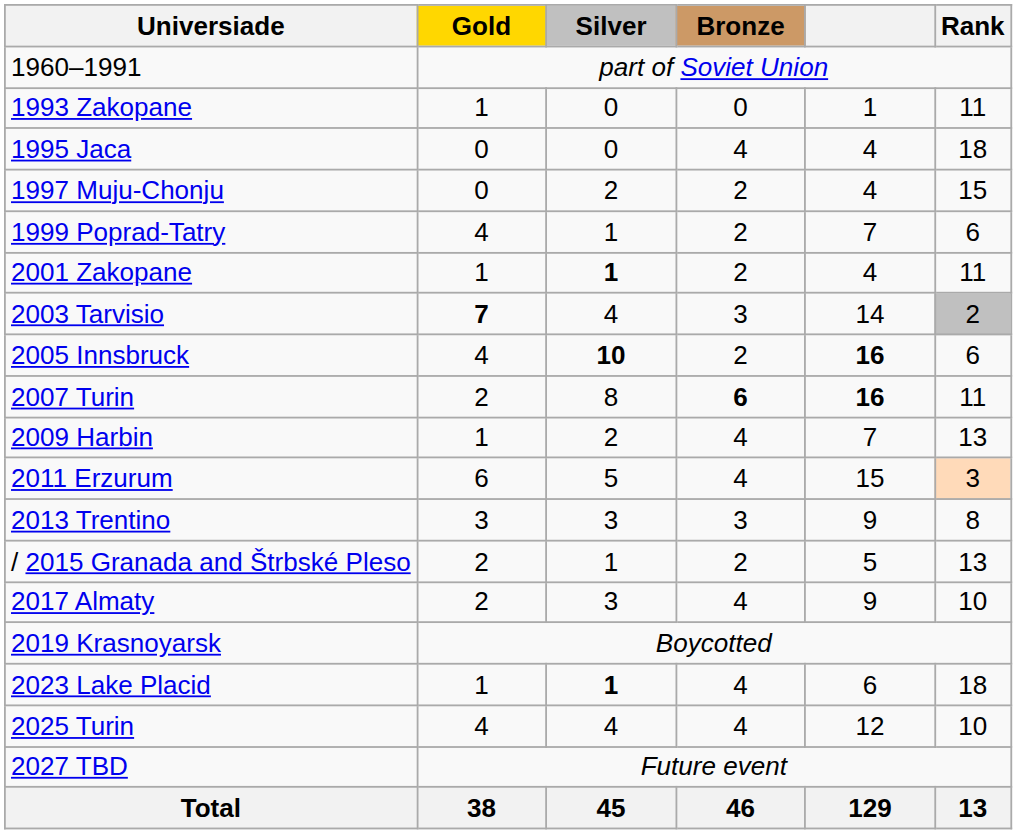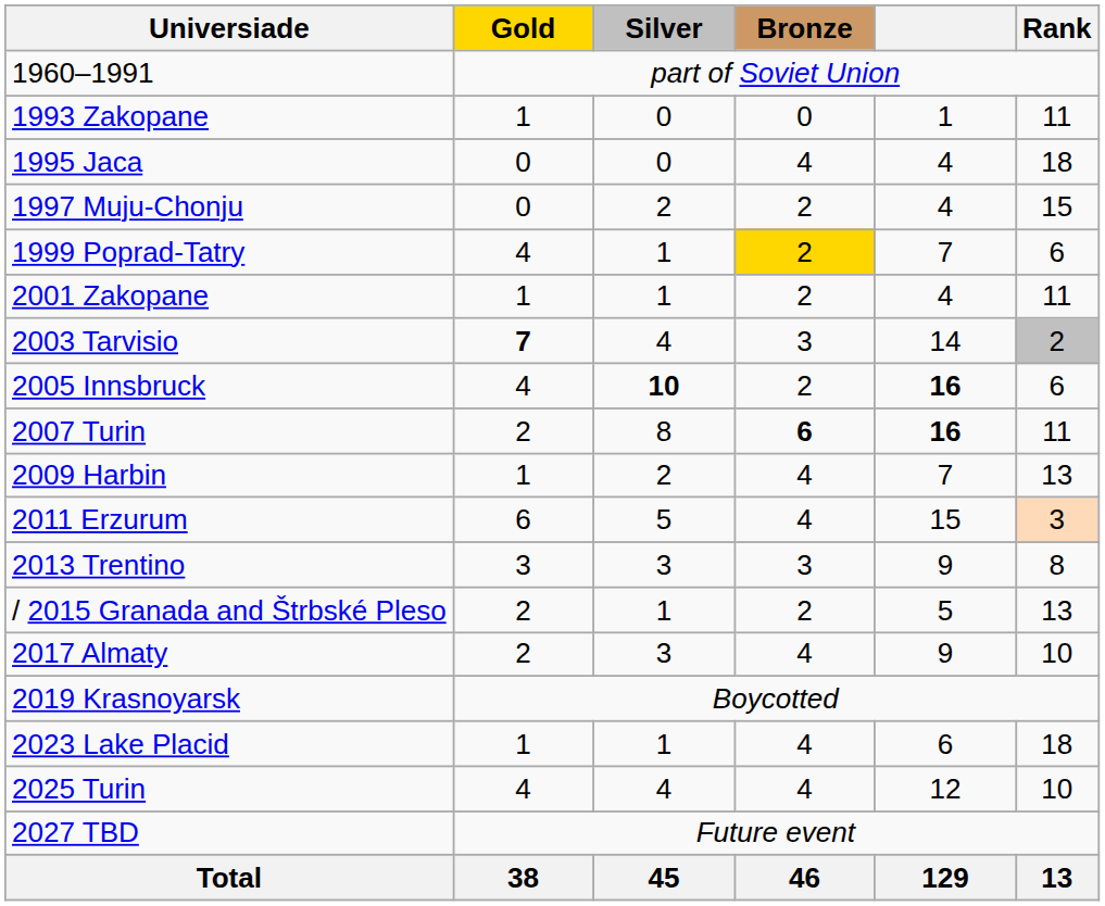 <table class="wikitable" style="text-align:center; font-size:90%;">
 <tr>
 <th>Universiade</th>
 <td style="background:gold; width:4.5em; font-weight:bold;">Gold<br></td>
 <td style="background:silver; width:4.5em; font-weight:bold;">Silver<br></td>
 <td style="background:#cc9966; width:4.5em; font-weight:bold;">Bronze<br></td>
 <th style="width:4.5em; font-weight:bold;"></th>
 <th>Rank</th>
 </tr>
 <tr>
 <td align=left>1960–1991</td>
 <td colspan=5><em>part of  <a href='#'>Soviet Union</a></em></td>
 </tr>
 <tr>
 <td align=left> <a href='#'>1993 Zakopane</a></td>
 <td>1</td>
 <td>0</td>
 <td>0</td>
 <td>1</td>
 <td>11</td>
 </tr>
 <tr>
 <td align=left> <a href='#'>1995 Jaca</a></td>
 <td>0</td>
 <td>0</td>
 <td>4</td>
 <td>4</td>
 <td>18</td>
 </tr>
 <tr>
 <td align=left> <a href='#'>1997 Muju-Chonju</a></td>
 <td>0</td>
 <td>2</td>
 <td>2</td>
 <td>4</td>
 <td>15</td>
 </tr>
 <tr>
 <td align=left> <a href='#'>1999 Poprad-Tatry</a></td>
 <td>4</td>
 <td>1</td>
-<td>2</td>
+<td style="background: gold;">2</td>
 <td>7</td>
 <td>6</td>
 </tr>
 <tr>
 <td align=left> <a href='#'>2001 Zakopane</a></td>
 <td>1</td>
-<td><strong>1</strong></td>
+<td>1</td>
 <td>2</td>
 <td>4</td>
 <td>11</td>
 </tr>
 <tr>
 <td align=left> <a href='#'>2003 Tarvisio</a></td>
 <td><strong>7</strong></td>
 <td>4</td>
 <td>3</td>
 <td>14</td>
 <td style="background:silver">2</td>
 </tr>
 <tr>
 <td align=left> <a href='#'>2005 Innsbruck</a></td>
 <td>4</td>
 <td><strong>10</strong></td>
 <td>2</td>
 <td><strong>16</strong></td>
 <td>6</td>
 </tr>
 <tr>
 <td align=left> <a href='#'>2007 Turin</a></td>
 <td>2</td>
 <td>8</td>
 <td><strong>6</strong></td>
 <td><strong>16</strong></td>
 <td>11</td>
 </tr>
 <tr>
 <td align=left> <a href='#'>2009 Harbin</a></td>
 <td>1</td>
 <td>2</td>
 <td>4</td>
 <td>7</td>
 <td>13</td>
 </tr>
 <tr>
 <td align=left> <a href='#'>2011 Erzurum</a></td>
 <td>6</td>
 <td>5</td>
 <td>4</td>
 <td>15</td>
 <td style="background:#ffdab9;">3</td>
 </tr>
 <tr>
 <td align=left> <a href='#'>2013 Trentino</a></td>
 <td>3</td>
 <td>3</td>
 <td>3</td>
 <td>9</td>
 <td>8</td>
 </tr>
 <tr>
 <td align=left> /  <a href='#'>2015 Granada and Štrbské Pleso</a></td>
 <td>2</td>
 <td>1</td>
 <td>2</td>
 <td>5</td>
 <td>13</td>
 </tr>
 <tr>
 <td align=left> <a href='#'>2017 Almaty</a></td>
 <td>2</td>
 <td>3</td>
 <td>4</td>
 <td>9</td>
 <td>10</td>
 </tr>
 <tr>
 <td align=left> <a href='#'>2019 Krasnoyarsk</a></td>
 <td colspan=5><em>Boycotted</em></td>
 </tr>
 <tr>
 <td align=left> <a href='#'>2023 Lake Placid</a></td>
 <td>1</td>
-<td><strong>1</strong></td>
+<td>1</td>
 <td>4</td>
 <td>6</td>
 <td>18</td>
 </tr>
 <tr>
 <td align=left> <a href='#'>2025 Turin</a></td>
 <td>4</td>
 <td>4</td>
 <td>4</td>
 <td>12</td>
 <td>10</td>
 </tr>
 <tr>
 <td align=left> <a href='#'>2027 TBD</a></td>
 <td colspan=5><em>Future event</em></td>
 </tr>
 <tr>
 <th>Total</th>
 <th>38</th>
 <th>45</th>
 <th>46</th>
 <th>129</th>
 <th>13</th>
 </tr>
 </table>
